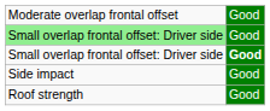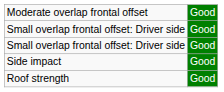 <table class="wikitable">
 <tr>
 <td>Moderate overlap frontal offset</td>
 <td style="color:white;background: green">Good</td>
 </tr>
 <tr>
-<td style="background: lightgreen;">Small overlap frontal offset: Driver side</td>
+<td>Small overlap frontal offset: Driver side</td>
 <td style="color:white;background: green">Good</td>
 </tr>
 <tr>
 <td>Small overlap frontal offset: Driver side</td>
-<td style="color:white;background: green"><strong>Good</strong></td>
+<td style="color:white;background: green">Good</td>
 </tr>
 <tr>
 <td>Side impact</td>
 <td style="color:white;background: green">Good</td>
 </tr>
 <tr>
 <td>Roof strength</td>
 <td style="color:white;background: green">Good</td>
 </tr>
 </table>
